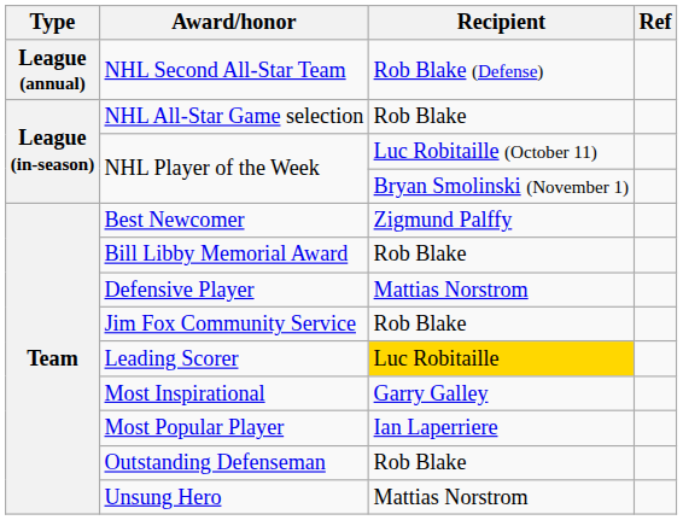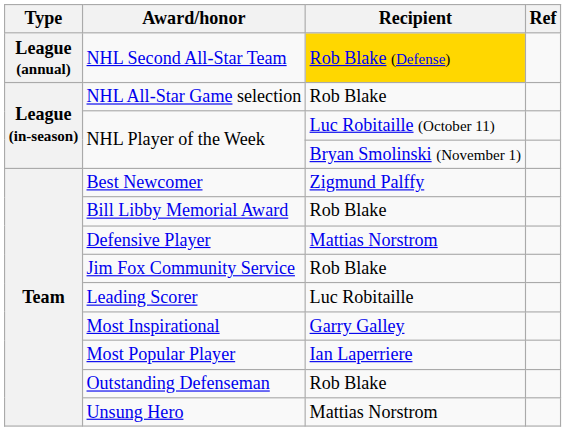 <table class="wikitable">
 <tr>
 <th scope="col">Type</th>
 <th scope="col">Award/honor</th>
 <th scope="col">Recipient</th>
 <th scope="col">Ref</th>
 </tr>
 <tr>
 <th scope="row">League<br><small>(annual)</small></th>
 <td><a href='#'>NHL Second All-Star Team</a></td>
-<td><a href='#'>Rob Blake</a> <small>(<a href='#'>Defense</a>)</small></td>
+<td style="background: gold;"><a href='#'>Rob Blake</a> <small>(<a href='#'>Defense</a>)</small></td>
 <td></td>
 </tr>
 <tr>
 <th scope="row" rowspan="3">League<br><small>(in-season)</small></th>
 <td><a href='#'>NHL All-Star Game</a> selection</td>
 <td>Rob Blake</td>
 <td></td>
 </tr>
 <tr>
 <td rowspan="2">NHL Player of the Week</td>
 <td><a href='#'>Luc Robitaille</a> <small>(October 11)</small></td>
 <td></td>
 </tr>
 <tr>
 <td><a href='#'>Bryan Smolinski</a> <small>(November 1)</small></td>
 <td></td>
 </tr>
 <tr>
 <th scope="row" rowspan="10">Team</th>
 <td><a href='#'>Best Newcomer</a></td>
 <td><a href='#'>Zigmund Palffy</a></td>
 <td></td>
 </tr>
 <tr>
 <td><a href='#'>Bill Libby Memorial Award</a></td>
 <td>Rob Blake</td>
 <td></td>
 </tr>
 <tr>
 <td><a href='#'>Defensive Player</a></td>
 <td><a href='#'>Mattias Norstrom</a></td>
 <td></td>
 </tr>
 <tr>
 <td><a href='#'>Jim Fox Community Service</a></td>
 <td>Rob Blake</td>
 <td></td>
 </tr>
 <tr>
 <td><a href='#'>Leading Scorer</a></td>
-<td style="background: gold;">Luc Robitaille</td>
+<td>Luc Robitaille</td>
 <td></td>
 </tr>
 <tr>
 <td><a href='#'>Most Inspirational</a></td>
 <td><a href='#'>Garry Galley</a></td>
 <td></td>
 </tr>
 <tr>
 <td><a href='#'>Most Popular Player</a></td>
 <td><a href='#'>Ian Laperriere</a></td>
 <td></td>
 </tr>
 <tr>
 <td><a href='#'>Outstanding Defenseman</a></td>
 <td>Rob Blake</td>
 <td></td>
 </tr>
 <tr>
 <td><a href='#'>Unsung Hero</a></td>
 <td>Mattias Norstrom</td>
 <td></td>
 </tr>
 </table>
